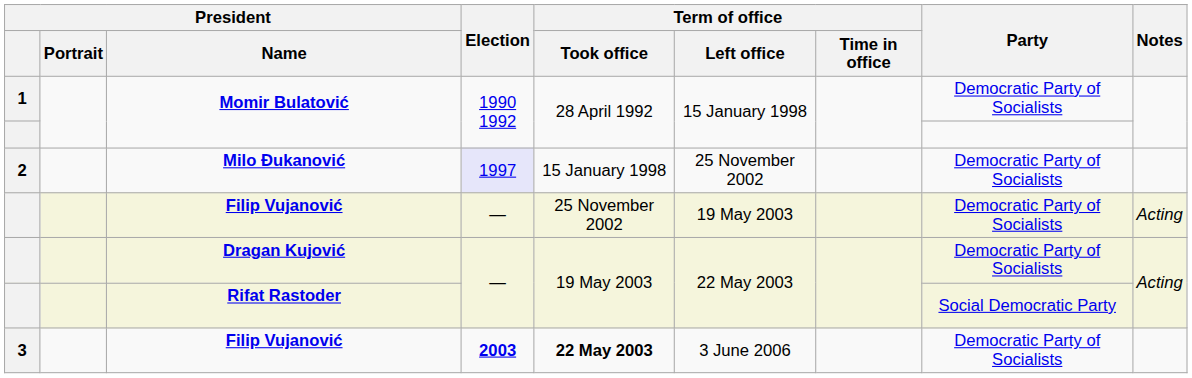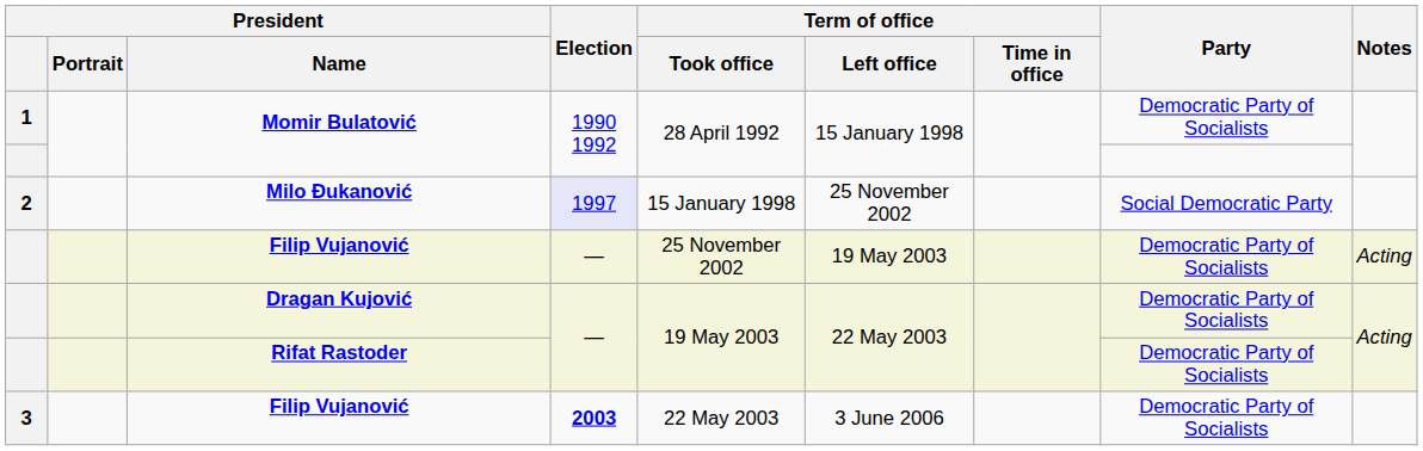 <table class="wikitable" style="text-align:center; width:90%">
 <tr>
 <th colspan=3>President</th>
 <th rowspan=2>Election</th>
 <th colspan=3>Term of office</th>
 <th rowspan=2>Party</th>
 <th rowspan=2>Notes</th>
 </tr>
 <tr>
 <th width=3%></th>
 <th>Portrait</th>
 <th width=30%>Name<br></th>
 <th>Took office</th>
 <th>Left office</th>
 <th>Time in office</th>
 </tr>
 <tr>
 <th style="background:">1<br></th>
 <td rowspan="2"></td>
 <td rowspan="2"><strong><a href='#'>Momir Bulatović</a></strong><br><br></td>
 <td rowspan="2"><a href='#'>1990</a><br><a href='#'>1992</a></td>
 <td rowspan="2">28 April 1992</td>
 <td rowspan="2">15 January 1998</td>
 <td rowspan="2"></td>
 <td><a href='#'>Democratic Party of Socialists</a><br></td>
 <td rowspan="2"></td>
 </tr>
 <tr>
 <th style="background:"></th>
 <td><br></td>
 </tr>
 <tr>
 <th style="background:">2<br></th>
 <td></td>
 <td><strong><a href='#'>Milo Đukanović</a></strong><br><br></td>
 <td style="background: lavender;"><a href='#'>1997</a></td>
 <td>15 January 1998</td>
 <td>25 November 2002</td>
 <td></td>
-<td><a href='#'>Democratic Party of Socialists</a></td>
+<td><a href='#'>Social Democratic Party</a></td>
 <td></td>
 </tr>
 <tr style="background:#F5F5DC;">
 <th style="background:"></th>
 <td></td>
 <td><strong><a href='#'>Filip Vujanović</a></strong><br><br></td>
 <td>—</td>
 <td>25 November 2002</td>
 <td>19 May 2003</td>
 <td></td>
 <td><a href='#'>Democratic Party of Socialists</a></td>
 <td><em>Acting</em></td>
 </tr>
 <tr style="background:#F5F5DC;">
 <th style="background:"></th>
 <td></td>
 <td><strong><a href='#'>Dragan Kujović</a></strong><br><br></td>
 <td rowspan="2">—</td>
 <td rowspan="2">19 May 2003</td>
 <td rowspan="2">22 May 2003</td>
 <td rowspan="2"></td>
 <td><a href='#'>Democratic Party of Socialists</a></td>
 <td rowspan="2"><em>Acting</em></td>
 </tr>
 <tr style="background:#F5F5DC;">
 <th style="background:"></th>
 <td></td>
 <td><strong><a href='#'>Rifat Rastoder</a></strong><br><br></td>
-<td><a href='#'>Social Democratic Party</a></td>
+<td><a href='#'>Democratic Party of Socialists</a></td>
 </tr>
 <tr>
 <th style="background:">3<br></th>
 <td></td>
 <td><strong><a href='#'>Filip Vujanović</a></strong><br><br></td>
 <td><strong><a href='#'>2003</a></strong></td>
-<td><strong>22 May 2003</strong></td>
+<td>22 May 2003</td>
 <td>3 June 2006</td>
 <td></td>
 <td><a href='#'>Democratic Party of Socialists</a></td>
 <td></td>
 </tr>
 </table>
